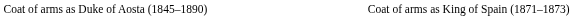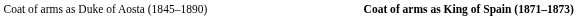 <table border="0" align="center" width="80%">
 <tr>
 <th width=25%></th>
 <th width=25%></th>
 </tr>
 <tr>
 <td style="text-align: center;">Coat of arms as Duke of Aosta (1845–1890)</td>
-<td style="text-align: center;">Coat of arms as King of Spain (1871–1873)</td>
+<td style="text-align: center;"><strong>Coat of arms as King of Spain (1871–1873)</strong></td>
 </tr>
 </table>
